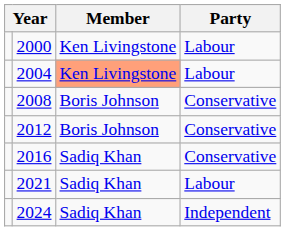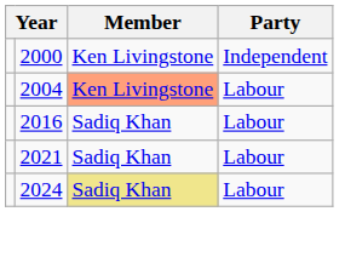 <table class="wikitable">
 <tr>
 <th colspan="2">Year</th>
 <th>Member</th>
 <th>Party</th>
 </tr>
 <tr>
 <td style="background-color: "></td>
 <td><a href='#'>2000</a></td>
 <td><a href='#'>Ken Livingstone</a></td>
-<td><a href='#'>Labour</a></td>
+<td><a href='#'>Independent</a></td>
 </tr>
 <tr>
 <td style="background-color: "></td>
 <td><a href='#'>2004</a></td>
 <td style="background: lightsalmon;"><a href='#'>Ken Livingstone</a></td>
 <td><a href='#'>Labour</a></td>
 </tr>
 <tr>
 <td style="background-color: "></td>
-<td><a href='#'>2008</a></td>
-<td><a href='#'>Boris Johnson</a></td>
-<td><a href='#'>Conservative</a></td>
-</tr>
-<tr>
-<td style="background-color: "></td>
-<td><a href='#'>2012</a></td>
-<td><a href='#'>Boris Johnson</a></td>
-<td><a href='#'>Conservative</a></td>
-</tr>
-<tr>
-<td style="background-color: "></td>
 <td><a href='#'>2016</a></td>
 <td><a href='#'>Sadiq Khan</a></td>
-<td><a href='#'>Conservative</a></td>
+<td><a href='#'>Labour</a></td>
 </tr>
 <tr>
 <td style="background-color: "></td>
 <td><a href='#'>2021</a></td>
 <td><a href='#'>Sadiq Khan</a></td>
 <td><a href='#'>Labour</a></td>
 </tr>
 <tr>
 <td style="background-color: "></td>
 <td><a href='#'>2024</a></td>
-<td><a href='#'>Sadiq Khan</a></td>
-<td><a href='#'>Independent</a></td>
+<td style="background: khaki;"><a href='#'>Sadiq Khan</a></td>
+<td><a href='#'>Labour</a></td>
 </tr>
 </table>
